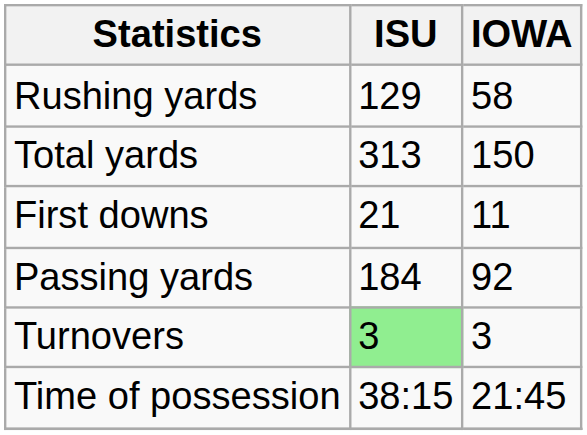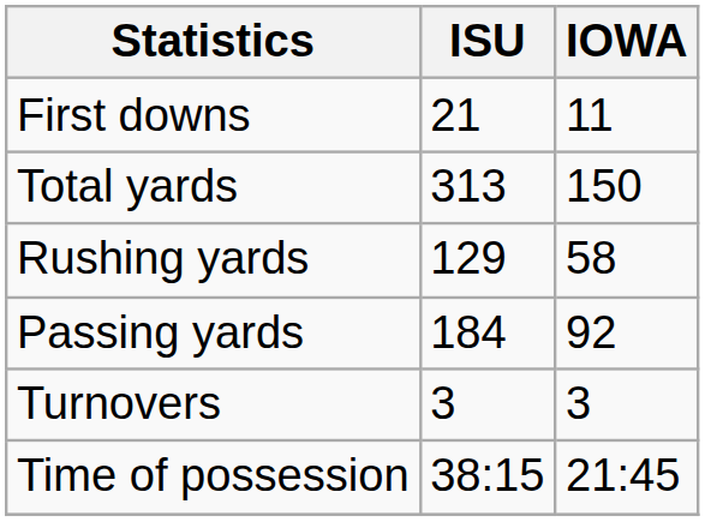 <table class="wikitable">
 <tr>
 <th>Statistics</th>
 <th>ISU</th>
 <th>IOWA</th>
 </tr>
 <tr>
-<td>Rushing yards</td>
-<td>129</td>
-<td>58</td>
+<td>First downs</td>
+<td>21</td>
+<td>11</td>
 </tr>
 <tr>
 <td>Total yards</td>
 <td>313</td>
 <td>150</td>
 </tr>
 <tr>
-<td>First downs</td>
-<td>21</td>
-<td>11</td>
+<td>Rushing yards</td>
+<td>129</td>
+<td>58</td>
 </tr>
 <tr>
 <td>Passing yards</td>
 <td>184</td>
 <td>92</td>
 </tr>
 <tr>
 <td>Turnovers</td>
-<td style="background: lightgreen;">3</td>
+<td>3</td>
 <td>3</td>
 </tr>
 <tr>
 <td>Time of possession</td>
 <td>38:15</td>
 <td>21:45</td>
 </tr>
 <tr>
 </tr>
 </table>
